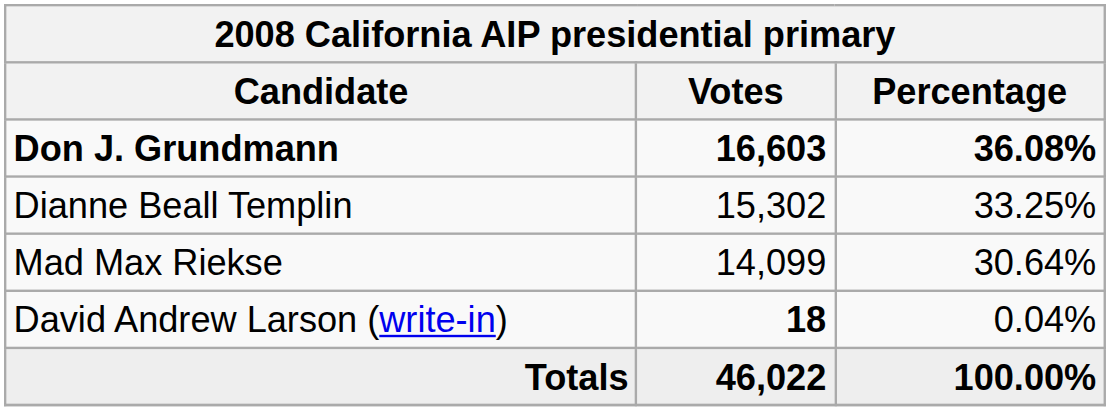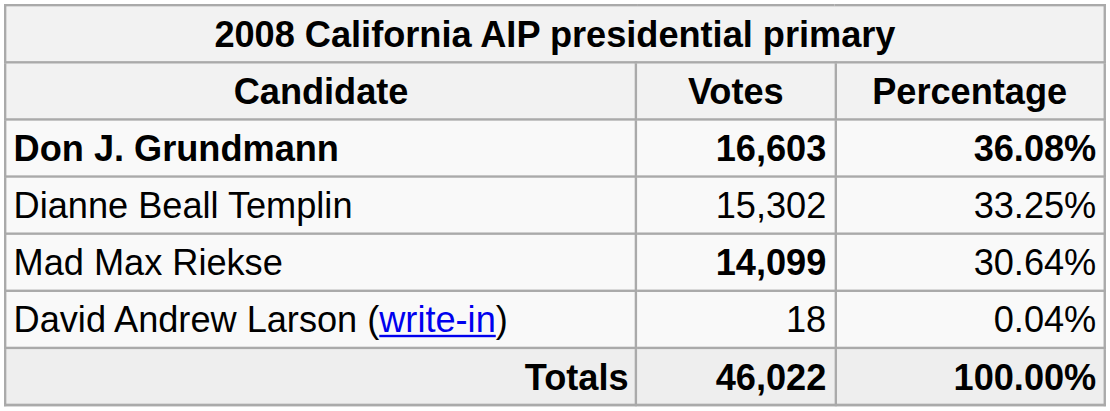 <table class="wikitable" style="font-size: 95%;">
 <tr>
 <th colspan="4">2008 California AIP presidential primary</th>
 </tr>
 <tr>
 <th style="width: 17em">Candidate</th>
 <th style="width: 5em">Votes</th>
 <th style="width: 7em">Percentage</th>
 </tr>
 <tr>
 <td><strong>Don J. Grundmann</strong></td>
 <td align="right"><strong>16,603</strong></td>
 <td align="right"><strong>36.08%</strong></td>
 </tr>
 <tr>
 <td>Dianne Beall Templin</td>
 <td align="right">15,302</td>
 <td align="right">33.25%</td>
 </tr>
 <tr>
 <td>Mad Max Riekse</td>
-<td align="right">14,099</td>
+<td align="right"><strong>14,099</strong></td>
 <td align="right">30.64%</td>
 </tr>
 <tr>
 <td>David Andrew Larson (<a href='#'>write-in</a>)</td>
-<td align="right"><strong>18</strong></td>
+<td align="right">18</td>
 <td align="right">0.04%</td>
 </tr>
 <tr bgcolor="#EEEEEE">
 <td align="right"><strong>Totals</strong></td>
 <td align="right"><strong>46,022</strong></td>
 <td align="right"><strong>100.00%</strong></td>
 </tr>
 <tr>
 </tr>
 </table>
